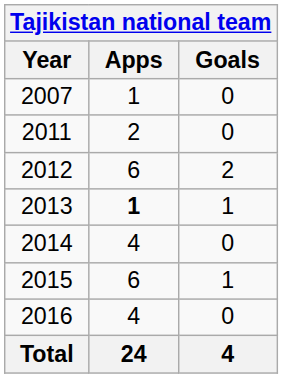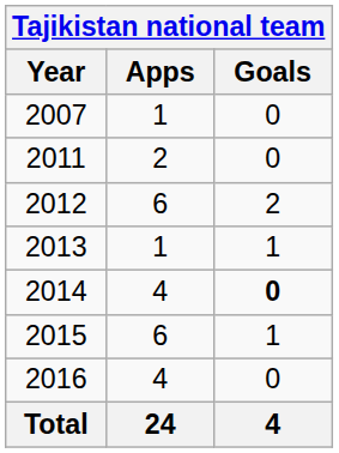 <table class="wikitable" style="text-align:center">
 <tr>
 <th colspan=3><a href='#'>Tajikistan national team</a></th>
 </tr>
 <tr>
 <th>Year</th>
 <th>Apps</th>
 <th>Goals</th>
 </tr>
 <tr>
 <td>2007</td>
 <td>1</td>
 <td>0</td>
 </tr>
 <tr>
 <td>2011</td>
 <td>2</td>
 <td>0</td>
 </tr>
 <tr>
 <td>2012</td>
 <td>6</td>
 <td>2</td>
 </tr>
 <tr>
 <td>2013</td>
-<td><strong>1</strong></td>
+<td>1</td>
 <td>1</td>
 </tr>
 <tr>
 <td>2014</td>
 <td>4</td>
-<td>0</td>
+<td><strong>0</strong></td>
 </tr>
 <tr>
 <td>2015</td>
 <td>6</td>
 <td>1</td>
 </tr>
 <tr>
 <td>2016</td>
 <td>4</td>
 <td>0</td>
 </tr>
 <tr>
 <th>Total</th>
 <th>24</th>
 <th>4</th>
 </tr>
 </table>
